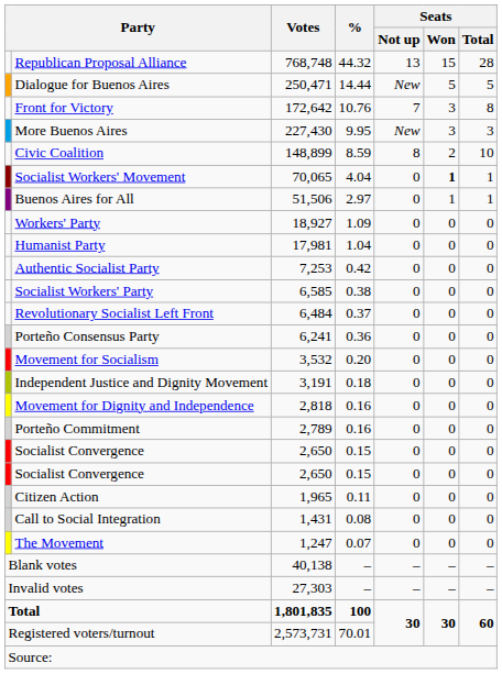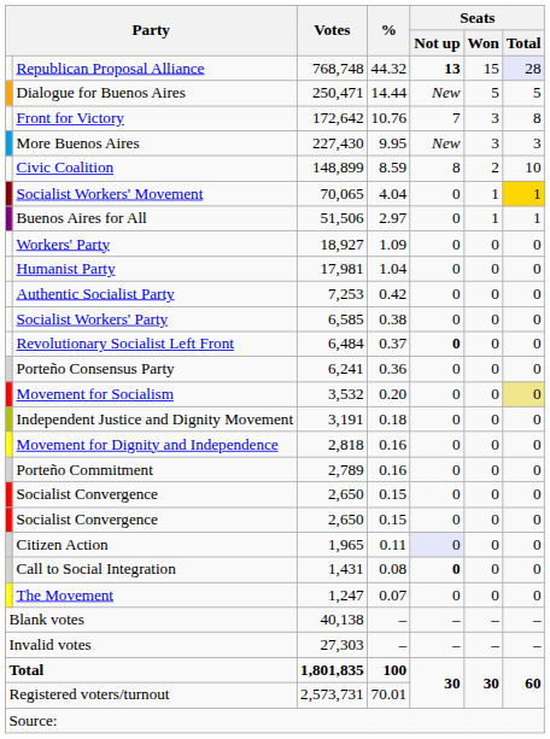 <table class="wikitable" style="text-align:right">
 <tr>
 <th colspan="2" rowspan="2">Party</th>
 <th rowspan="2">Votes</th>
 <th rowspan="2">%</th>
 <th colspan="3">Seats</th>
 </tr>
 <tr>
 <th>Not up</th>
 <th>Won</th>
 <th>Total</th>
 </tr>
 <tr>
 <td bgcolor=></td>
 <td align="left"><a href='#'>Republican Proposal Alliance</a></td>
 <td>768,748</td>
 <td>44.32</td>
-<td>13</td>
+<td><strong>13</strong></td>
 <td>15</td>
-<td>28</td>
+<td style="background: lavender;">28</td>
 </tr>
 <tr>
 <td bgcolor="orange"></td>
 <td align="left">Dialogue for Buenos Aires</td>
 <td>250,471</td>
 <td>14.44</td>
 <td><em>New</em></td>
 <td>5</td>
 <td>5</td>
 </tr>
 <tr>
 <td bgcolor=></td>
 <td align="left"><a href='#'>Front for Victory</a></td>
 <td>172,642</td>
 <td>10.76</td>
 <td>7</td>
 <td>3</td>
 <td>8</td>
 </tr>
 <tr>
 <td bgcolor="#00A0E6 "></td>
 <td align="left">More Buenos Aires</td>
 <td>227,430</td>
 <td>9.95</td>
 <td><em>New</em></td>
 <td>3</td>
 <td>3</td>
 </tr>
 <tr>
 <td></td>
 <td align="left"><a href='#'>Civic Coalition</a></td>
 <td>148,899</td>
 <td>8.59</td>
 <td>8</td>
 <td>2</td>
 <td>10</td>
 </tr>
 <tr>
 <td bgcolor="darkred"></td>
 <td align="left"><a href='#'>Socialist Workers' Movement</a></td>
 <td>70,065</td>
 <td>4.04</td>
 <td>0</td>
-<td><strong>1</strong></td>
 <td>1</td>
+<td style="background: gold;">1</td>
 </tr>
 <tr>
 <td bgcolor="purple"></td>
 <td align="left">Buenos Aires for All</td>
 <td>51,506</td>
 <td>2.97</td>
 <td>0</td>
 <td>1</td>
 <td>1</td>
 </tr>
 <tr>
 <td></td>
 <td align="left"><a href='#'>Workers' Party</a></td>
 <td>18,927</td>
 <td>1.09</td>
 <td>0</td>
 <td>0</td>
 <td>0</td>
 </tr>
 <tr>
 <td></td>
 <td align="left"><a href='#'>Humanist Party</a></td>
 <td>17,981</td>
 <td>1.04</td>
 <td>0</td>
 <td>0</td>
 <td>0</td>
 </tr>
 <tr>
 <td></td>
 <td align="left"><a href='#'>Authentic Socialist Party</a></td>
 <td>7,253</td>
 <td>0.42</td>
 <td>0</td>
 <td>0</td>
 <td>0</td>
 </tr>
 <tr>
 <td></td>
 <td align="left"><a href='#'>Socialist Workers' Party</a></td>
 <td>6,585</td>
 <td>0.38</td>
 <td>0</td>
 <td>0</td>
 <td>0</td>
 </tr>
 <tr>
 <td></td>
 <td align="left"><a href='#'>Revolutionary Socialist Left Front</a></td>
 <td>6,484</td>
 <td>0.37</td>
-<td>0</td>
+<td><strong>0</strong></td>
 <td>0</td>
 <td>0</td>
 </tr>
 <tr>
 <td bgcolor="#D3D3D3"></td>
 <td align="left">Porteño Consensus Party</td>
 <td>6,241</td>
 <td>0.36</td>
 <td>0</td>
 <td>0</td>
 <td>0</td>
 </tr>
 <tr>
 <td bgcolor="red"></td>
 <td align="left"><a href='#'>Movement for Socialism</a></td>
 <td>3,532</td>
 <td>0.20</td>
 <td>0</td>
 <td>0</td>
-<td>0</td>
+<td style="background: khaki;">0</td>
 </tr>
 <tr>
 <td bgcolor="#AEC306"></td>
 <td align="left">Independent Justice and Dignity Movement</td>
 <td>3,191</td>
 <td>0.18</td>
 <td>0</td>
 <td>0</td>
 <td>0</td>
 </tr>
 <tr>
 <td bgcolor="yellow"></td>
 <td align="left"><a href='#'>Movement for Dignity and Independence</a></td>
 <td>2,818</td>
 <td>0.16</td>
 <td>0</td>
 <td>0</td>
 <td>0</td>
 </tr>
 <tr>
 <td bgcolor="#D3D3D3"></td>
 <td align="left">Porteño Commitment</td>
 <td>2,789</td>
 <td>0.16</td>
 <td>0</td>
 <td>0</td>
 <td>0</td>
 </tr>
 <tr>
 <td bgcolor="red"></td>
 <td align="left">Socialist Convergence</td>
 <td>2,650</td>
 <td>0.15</td>
 <td>0</td>
 <td>0</td>
 <td>0</td>
 </tr>
 <tr>
 <td bgcolor="red"></td>
 <td align="left">Socialist Convergence</td>
 <td>2,650</td>
 <td>0.15</td>
 <td>0</td>
 <td>0</td>
 <td>0</td>
 </tr>
 <tr>
 <td bgcolor="#D3D3D3"></td>
 <td align="left">Citizen Action</td>
 <td>1,965</td>
 <td>0.11</td>
-<td>0</td>
+<td style="background: lavender;">0</td>
 <td>0</td>
 <td>0</td>
 </tr>
 <tr>
 <td bgcolor="#D3D3D3"></td>
 <td align="left">Call to Social Integration</td>
 <td>1,431</td>
 <td>0.08</td>
-<td>0</td>
+<td><strong>0</strong></td>
 <td>0</td>
 <td>0</td>
 </tr>
 <tr>
 <td bgcolor="yellow"></td>
 <td align="left"><a href='#'>The Movement</a></td>
 <td>1,247</td>
 <td>0.07</td>
 <td>0</td>
 <td>0</td>
 <td>0</td>
 </tr>
 <tr>
 <td colspan="2" align="left">Blank votes</td>
 <td>40,138</td>
 <td>–</td>
 <td>–</td>
 <td>–</td>
 <td>–</td>
 </tr>
 <tr>
 <td colspan="2" align="left">Invalid votes</td>
 <td>27,303</td>
 <td>–</td>
 <td>–</td>
 <td>–</td>
 <td>–</td>
 </tr>
 <tr>
 <td colspan="2" align="left"><strong>Total</strong></td>
 <td><strong>1,801,835</strong></td>
 <td><strong>100</strong></td>
 <td rowspan="2"><strong>30</strong></td>
 <td rowspan="2"><strong>30</strong></td>
 <td rowspan="2"><strong>60</strong></td>
 </tr>
 <tr>
 <td colspan="2" align="left">Registered voters/turnout</td>
 <td>2,573,731</td>
 <td>70.01</td>
 </tr>
 <tr>
 <td colspan="7" align="left">Source: </td>
 </tr>
 </table>
